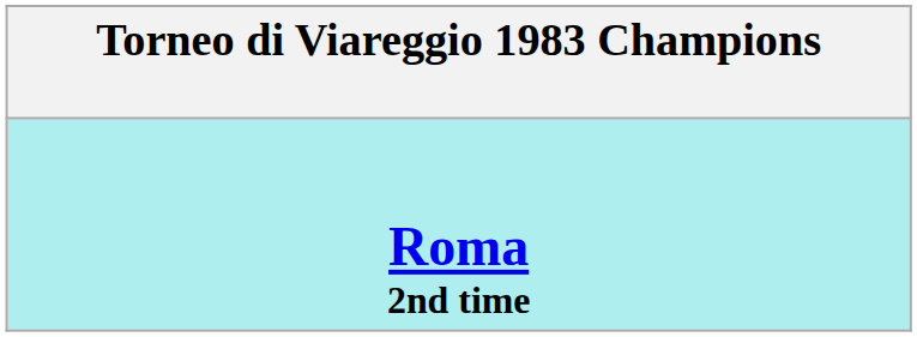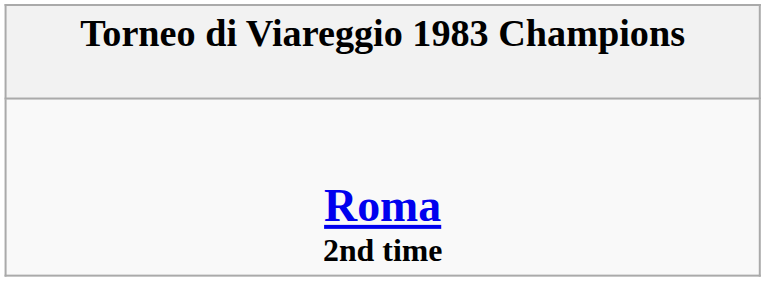 <table class="wikitable" style="margin: 0 auto; width: 30%;">
 <tr>
 <th><big>Torneo di Viareggio 1983 Champions</big><br><br></th>
 </tr>
 <tr>
-<td align=center style="background: paleturquoise;"><br><br><big><big><strong><a href='#'>Roma</a></strong><br></big></big><strong>2nd time</strong></td>
+<td align=center><br><br><big><big><strong><a href='#'>Roma</a></strong><br></big></big><strong>2nd time</strong></td>
 </tr>
 </table>
